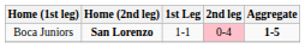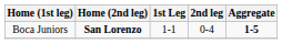 <table class="wikitable" style="text-align: center;">
 <tr>
 <th>Home (1st leg)</th>
 <th>Home (2nd leg)</th>
 <th>1st Leg</th>
 <th>2nd leg</th>
 <th>Aggregate</th>
 </tr>
 <tr>
 <td>Boca Juniors</td>
 <td><strong>San Lorenzo</strong></td>
 <td>1-1</td>
-<td style="background: pink;">0-4</td>
+<td>0-4</td>
 <td><strong>1-5</strong></td>
 </tr>
 <tr>
 </tr>
 </table>
